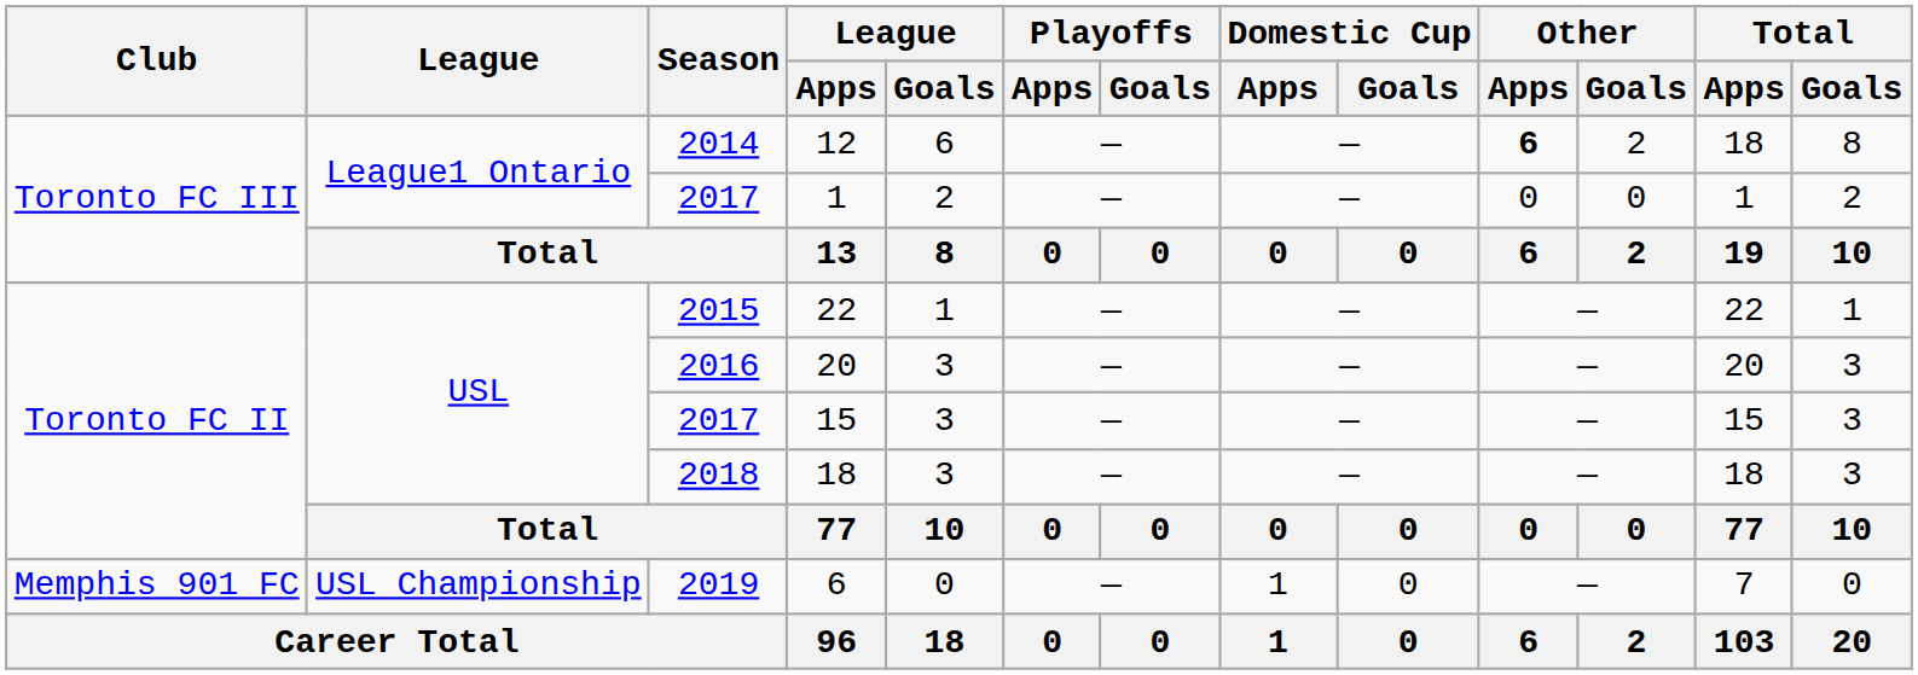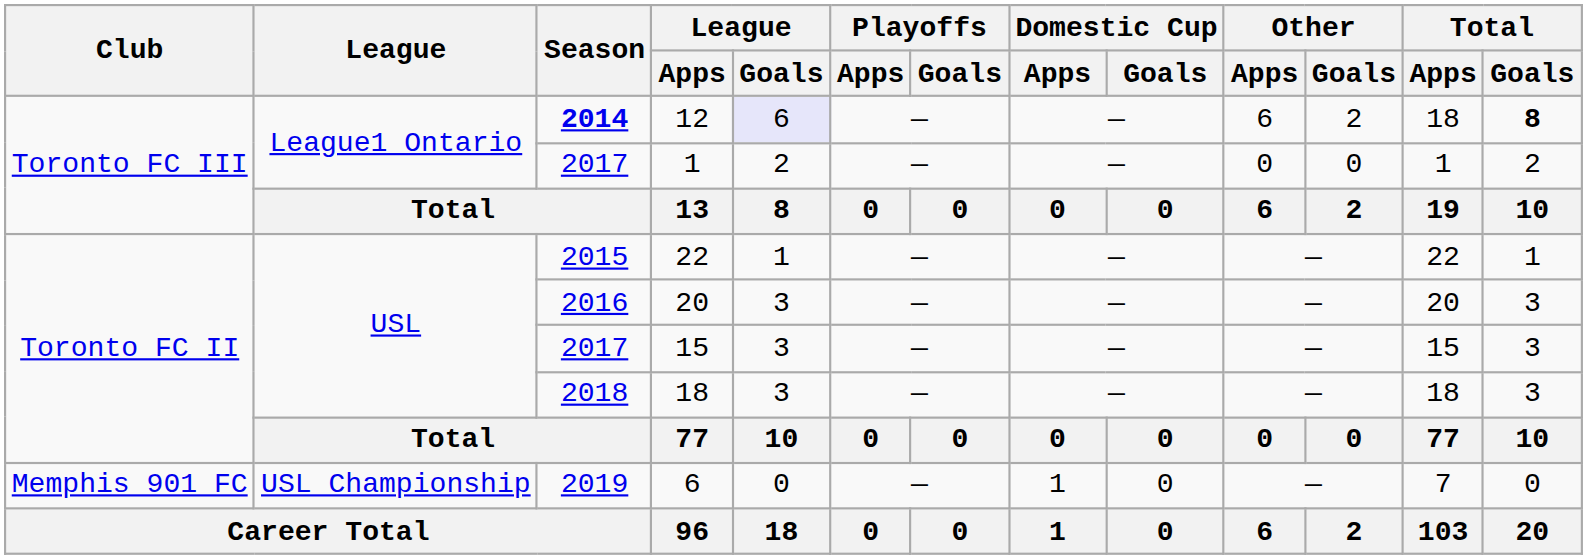 <table class="wikitable" style="text-align: center;">
 <tr>
 <th rowspan="2">Club</th>
 <th rowspan="2">League</th>
 <th rowspan="2">Season</th>
 <th colspan="2">League</th>
 <th colspan="2">Playoffs</th>
 <th colspan="2">Domestic Cup</th>
 <th colspan="2">Other</th>
 <th colspan="2">Total</th>
 </tr>
 <tr>
 <th>Apps</th>
 <th>Goals</th>
 <th>Apps</th>
 <th>Goals</th>
 <th>Apps</th>
 <th>Goals</th>
 <th>Apps</th>
 <th>Goals</th>
 <th>Apps</th>
 <th>Goals</th>
 </tr>
 <tr>
 <td rowspan="3"><a href='#'>Toronto FC III</a></td>
 <td rowspan="2"><a href='#'>League1 Ontario</a></td>
-<td><a href='#'>2014</a></td>
+<td><strong><a href='#'>2014</a></strong></td>
 <td>12</td>
-<td>6</td>
+<td style="background: lavender;">6</td>
 <td colspan="2">—</td>
 <td colspan="2">—</td>
-<td><strong>6</strong></td>
+<td>6</td>
 <td>2</td>
 <td>18</td>
-<td>8</td>
+<td><strong>8</strong></td>
 </tr>
 <tr>
 <td><a href='#'>2017</a></td>
 <td>1</td>
 <td>2</td>
 <td colspan="2">—</td>
 <td colspan="2">—</td>
 <td>0</td>
 <td>0</td>
 <td>1</td>
 <td>2</td>
 </tr>
 <tr>
 <th colspan="2">Total</th>
 <th>13</th>
 <th>8</th>
 <th>0</th>
 <th>0</th>
 <th>0</th>
 <th>0</th>
 <th>6</th>
 <th>2</th>
 <th>19</th>
 <th>10</th>
 </tr>
 <tr>
 <td rowspan="5"><a href='#'>Toronto FC II</a></td>
 <td rowspan="4"><a href='#'>USL</a></td>
 <td><a href='#'>2015</a></td>
 <td>22</td>
 <td>1</td>
 <td colspan="2">—</td>
 <td colspan="2">—</td>
 <td colspan="2">—</td>
 <td>22</td>
 <td>1</td>
 </tr>
 <tr>
 <td><a href='#'>2016</a></td>
 <td>20</td>
 <td>3</td>
 <td colspan="2">—</td>
 <td colspan="2">—</td>
 <td colspan="2">—</td>
 <td>20</td>
 <td>3</td>
 </tr>
 <tr>
 <td><a href='#'>2017</a></td>
 <td>15</td>
 <td>3</td>
 <td colspan="2">—</td>
 <td colspan="2">—</td>
 <td colspan="2">—</td>
 <td>15</td>
 <td>3</td>
 </tr>
 <tr>
 <td><a href='#'>2018</a></td>
 <td>18</td>
 <td>3</td>
 <td colspan="2">—</td>
 <td colspan="2">—</td>
 <td colspan="2">—</td>
 <td>18</td>
 <td>3</td>
 </tr>
 <tr>
 <th colspan="2">Total</th>
 <th>77</th>
 <th>10</th>
 <th>0</th>
 <th>0</th>
 <th>0</th>
 <th>0</th>
 <th>0</th>
 <th>0</th>
 <th>77</th>
 <th>10</th>
 </tr>
 <tr>
 <td><a href='#'>Memphis 901 FC</a></td>
 <td><a href='#'>USL Championship</a></td>
 <td><a href='#'>2019</a></td>
 <td>6</td>
 <td>0</td>
 <td colspan="2">—</td>
 <td>1</td>
 <td>0</td>
 <td colspan="2">—</td>
 <td>7</td>
 <td>0</td>
 </tr>
 <tr>
 <th colspan="3">Career Total</th>
 <th>96</th>
 <th>18</th>
 <th>0</th>
 <th>0</th>
 <th>1</th>
 <th>0</th>
 <th>6</th>
 <th>2</th>
 <th>103</th>
 <th>20</th>
 </tr>
 </table>
